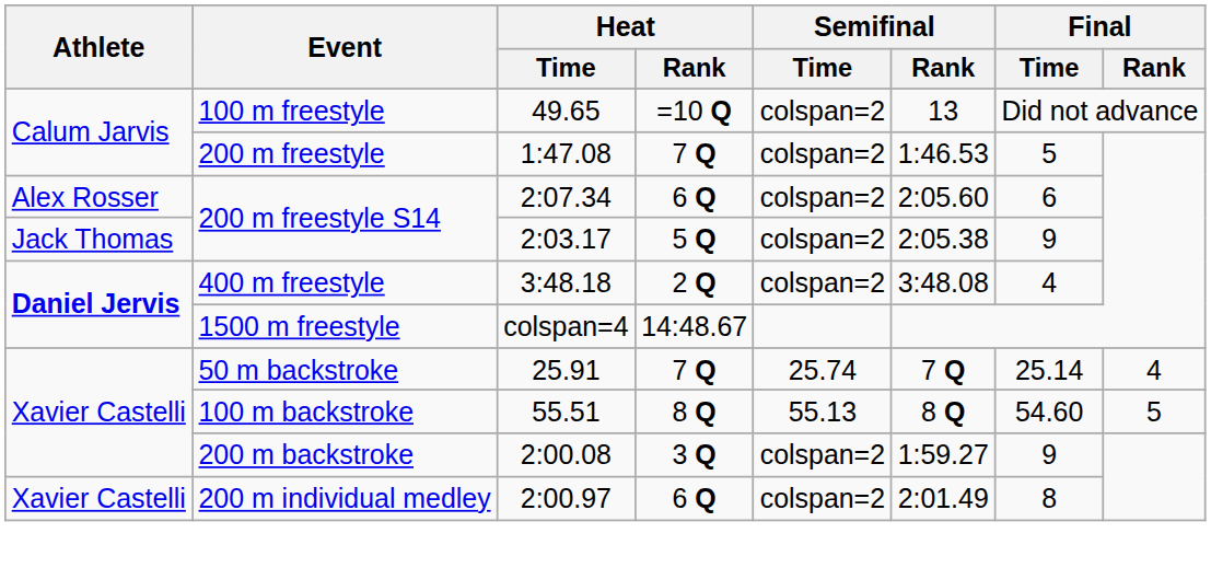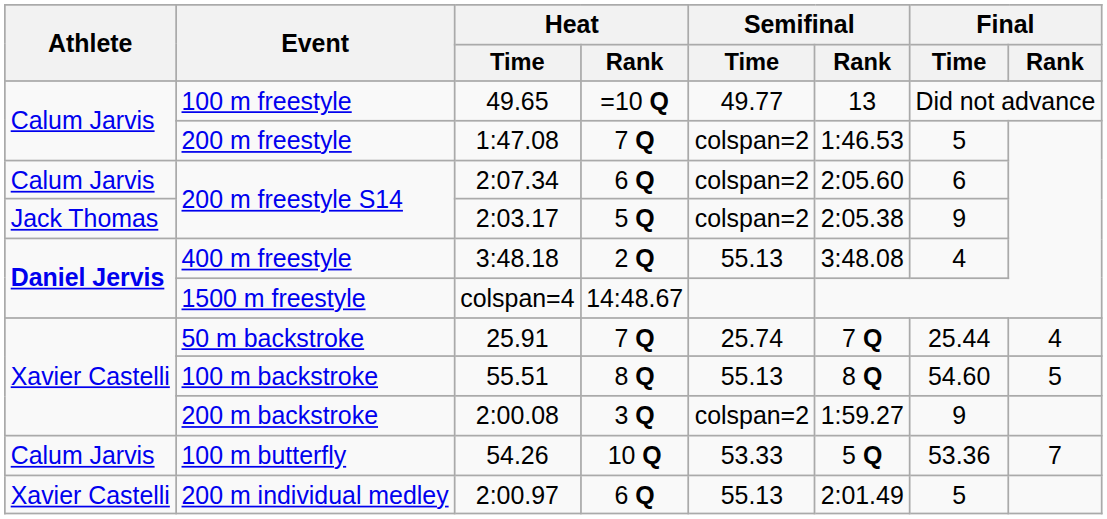 <table class=wikitable style=font-size:90%>
 <tr>
 <th rowspan=2>Athlete</th>
 <th rowspan=2>Event</th>
 <th colspan=2>Heat</th>
 <th colspan=2>Semifinal</th>
 <th colspan=2>Final</th>
 </tr>
 <tr style=font-size:95%>
 <th>Time</th>
 <th>Rank</th>
 <th>Time</th>
 <th>Rank</th>
 <th>Time</th>
 <th>Rank</th>
 </tr>
 <tr align=center>
 <td align=left rowspan=2><a href='#'>Calum Jarvis</a></td>
 <td align=left><a href='#'>100 m freestyle</a></td>
 <td>49.65</td>
 <td>=10 <strong>Q</strong></td>
-<td>colspan=2 </td>
+<td>49.77</td>
 <td>13</td>
 <td colspan=2>Did not advance</td>
 </tr>
 <tr align=center>
 <td align=left><a href='#'>200 m freestyle</a></td>
 <td>1:47.08</td>
 <td>7 <strong>Q</strong></td>
 <td>colspan=2 </td>
 <td>1:46.53</td>
 <td>5</td>
 </tr>
 <tr align=center>
-<td align=left><a href='#'>Alex Rosser</a></td>
+<td align=left><a href='#'>Calum Jarvis</a></td>
 <td align=left rowspan=2><a href='#'>200 m freestyle S14</a></td>
 <td>2:07.34</td>
 <td>6 <strong>Q</strong></td>
 <td>colspan=2 </td>
 <td>2:05.60</td>
 <td>6</td>
 </tr>
 <tr align=center>
 <td align=left><a href='#'>Jack Thomas</a></td>
 <td>2:03.17</td>
 <td>5 <strong>Q</strong></td>
 <td>colspan=2 </td>
 <td>2:05.38</td>
 <td>9</td>
 </tr>
 <tr align=center>
 <td align=left rowspan=2><strong><a href='#'>Daniel Jervis</a></strong></td>
 <td align=left><a href='#'>400 m freestyle</a></td>
 <td>3:48.18</td>
 <td>2 <strong>Q</strong></td>
-<td>colspan=2 </td>
+<td>55.13</td>
 <td>3:48.08</td>
 <td>4</td>
 </tr>
 <tr align=center>
 <td align=left><a href='#'>1500 m freestyle</a></td>
 <td>colspan=4 </td>
 <td>14:48.67</td>
 <td></td>
 </tr>
 <tr align=center>
 <td align=left rowspan=3><a href='#'>Xavier Castelli</a></td>
 <td align=left><a href='#'>50 m backstroke</a></td>
 <td>25.91</td>
 <td>7 <strong>Q</strong></td>
 <td>25.74</td>
 <td>7 <strong>Q</strong></td>
-<td>25.14</td>
+<td>25.44</td>
 <td>4</td>
 </tr>
 <tr align=center>
 <td align=left><a href='#'>100 m backstroke</a></td>
 <td>55.51</td>
 <td>8 <strong>Q</strong></td>
 <td>55.13</td>
 <td>8 <strong>Q</strong></td>
 <td>54.60</td>
 <td>5</td>
 </tr>
 <tr align=center>
 <td align=left><a href='#'>200 m backstroke</a></td>
 <td>2:00.08</td>
 <td>3 <strong>Q</strong></td>
 <td>colspan=2 </td>
 <td>1:59.27</td>
 <td>9</td>
 </tr>
 <tr align=center>
+<td align=left><a href='#'>Calum Jarvis</a></td>
+<td align=left><a href='#'>100 m butterfly</a></td>
+<td>54.26</td>
+<td>10 <strong>Q</strong></td>
+<td>53.33</td>
+<td>5 <strong>Q</strong></td>
+<td>53.36</td>
+<td>7</td>
+</tr>
+<tr align=center>
 <td align=left><a href='#'>Xavier Castelli</a></td>
 <td align=left><a href='#'>200 m individual medley</a></td>
 <td>2:00.97</td>
 <td>6 <strong>Q</strong></td>
-<td>colspan=2 </td>
+<td>55.13</td>
 <td>2:01.49</td>
-<td>8</td>
+<td>5</td>
 </tr>
 </table>
